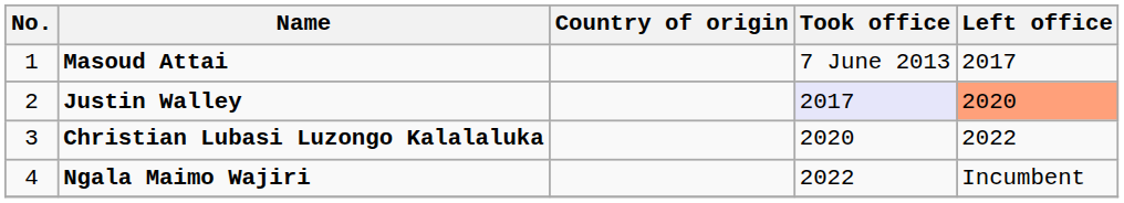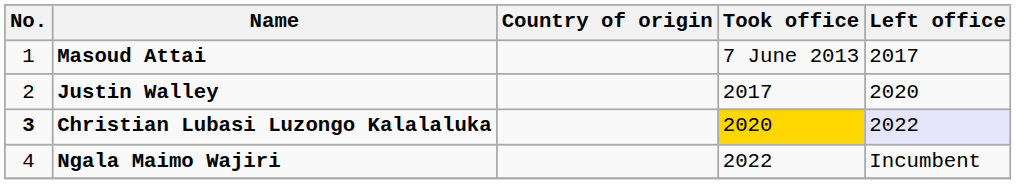 <table class="wikitable" style="font-size:90%; text-align:left">
 <tr>
 <th>No.</th>
 <th>Name</th>
 <th>Country of origin</th>
 <th>Took office</th>
 <th>Left office</th>
 </tr>
 <tr>
 <td align=center>1</td>
 <td><strong>Masoud Attai</strong></td>
 <td></td>
 <td>7 June 2013</td>
 <td>2017</td>
 </tr>
 <tr>
 <td align=center>2</td>
 <td><strong>Justin Walley</strong></td>
 <td></td>
-<td style="background: lavender;">2017</td>
-<td style="background: lightsalmon;">2020</td>
+<td>2017</td>
+<td>2020</td>
 </tr>
 <tr>
-<td align=center>3</td>
+<td align=center><strong>3</strong></td>
 <td><strong>Christian Lubasi Luzongo Kalalaluka</strong></td>
 <td></td>
-<td>2020</td>
-<td>2022</td>
+<td style="background: gold;">2020</td>
+<td style="background: lavender;">2022</td>
 </tr>
 <tr>
 <td align=center>4</td>
 <td><strong>Ngala Maimo Wajiri</strong></td>
 <td></td>
 <td>2022</td>
 <td>Incumbent</td>
 </tr>
 <tr>
 </tr>
 </table>
